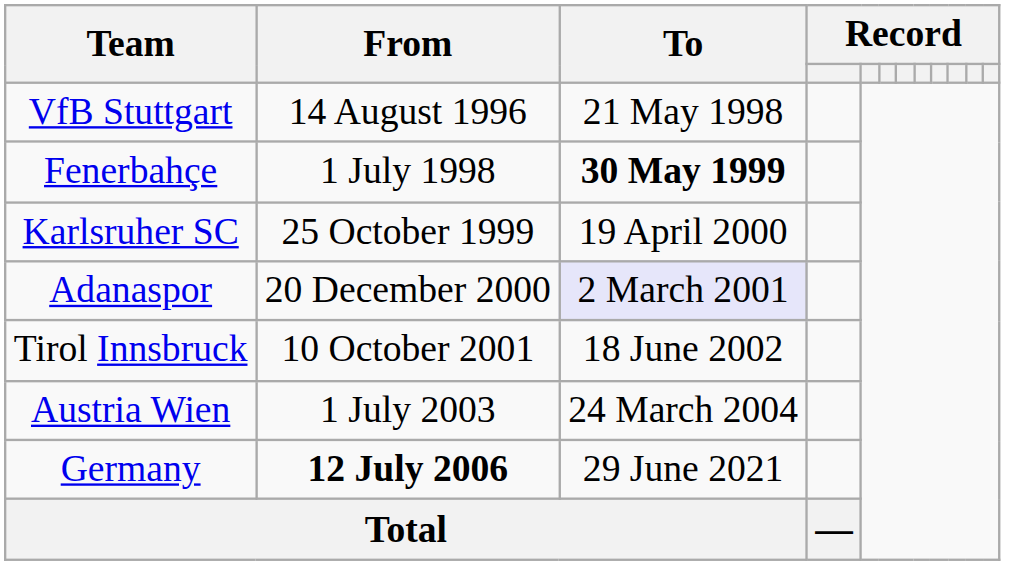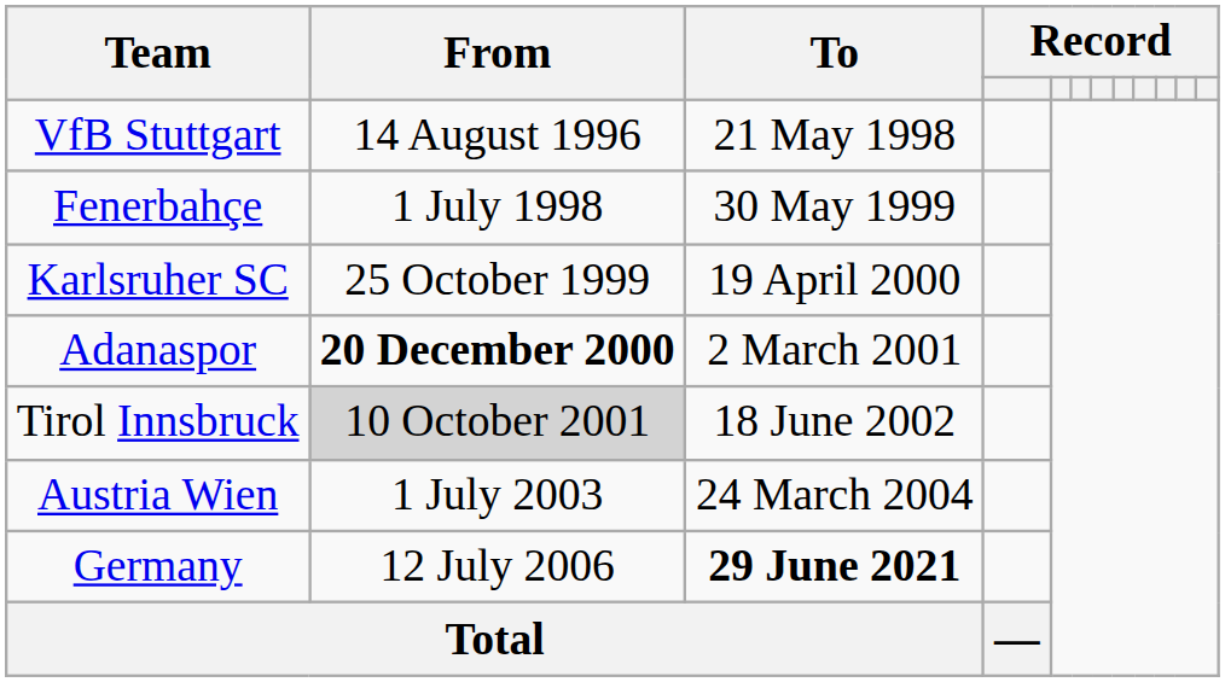 <table class="wikitable" style="text-align:center">
 <tr>
 <th rowspan="2">Team</th>
 <th rowspan="2">From</th>
 <th rowspan="2">To</th>
 <th colspan="9">Record</th>
 </tr>
 <tr>
 <th></th>
 <th></th>
 <th></th>
 <th></th>
 <th></th>
 <th></th>
 <th></th>
 <th></th>
 <th></th>
 </tr>
 <tr>
 <td><a href='#'>VfB Stuttgart</a></td>
 <td>14 August 1996</td>
 <td>21 May 1998<br></td>
 <td></td>
 </tr>
 <tr>
 <td><a href='#'>Fenerbahçe</a></td>
 <td>1 July 1998</td>
-<td><strong>30 May 1999<br></strong></td>
+<td>30 May 1999<br></td>
 <td></td>
 </tr>
 <tr>
 <td><a href='#'>Karlsruher SC</a></td>
 <td>25 October 1999</td>
 <td>19 April 2000<br></td>
 <td></td>
 </tr>
 <tr>
 <td><a href='#'>Adanaspor</a></td>
-<td>20 December 2000</td>
-<td style="background: lavender;">2 March 2001<br></td>
+<td><strong>20 December 2000</strong></td>
+<td>2 March 2001<br></td>
 <td></td>
 </tr>
 <tr>
 <td>Tirol <a href='#'>Innsbruck</a></td>
-<td>10 October 2001</td>
+<td style="background: lightgrey;">10 October 2001</td>
 <td>18 June 2002<br></td>
 <td></td>
 </tr>
 <tr>
 <td><a href='#'>Austria Wien</a></td>
 <td>1 July 2003</td>
 <td>24 March 2004<br></td>
 <td></td>
 </tr>
 <tr>
 <td><a href='#'>Germany</a></td>
-<td><strong>12 July 2006</strong></td>
-<td>29 June 2021<br></td>
+<td>12 July 2006</td>
+<td><strong>29 June 2021<br></strong></td>
 <td><br></td>
 </tr>
 <tr>
 <th colspan="3">Total<br></th>
 <th>—</th>
 </tr>
 </table>
